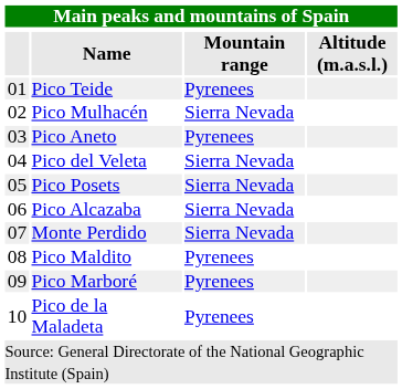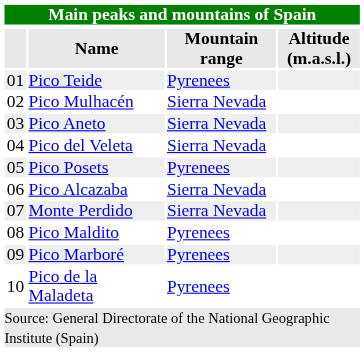 <table class="toc" cellpadding="0" cellspacing="2" width="330px" style="float:right; margin: 0.5em 0.5em 0.5em 1em; padding: 0.5e text- align:left;clear:all; margin- left:10px; font- size:90%">
 <tr>
 <td colspan="4" style="background:#black; color:white;" align="center" bgcolor="green"><strong>Main peaks and mountains of Spain</strong></td>
 </tr>
 <tr>
 <td colspan="4" align="center"></td>
 </tr>
 <tr style="background:#e8e8e8;">
 <th></th>
 <th width="125">Name</th>
 <th width="100">Mountain range</th>
 <th width="75">Altitude (m.a.s.l.)</th>
 </tr>
 <tr bgcolor="#efefef">
 <td align="center">01</td>
 <td><a href='#'>Pico Teide</a></td>
 <td><a href='#'>Pyrenees</a></td>
 <td align="center"></td>
 </tr>
 <tr>
 <td align="center">02</td>
 <td><a href='#'>Pico Mulhacén</a></td>
 <td><a href='#'>Sierra Nevada</a></td>
 <td align="center"></td>
 </tr>
 <tr bgcolor="#efefef">
 <td align="center">03</td>
 <td><a href='#'>Pico Aneto</a></td>
-<td><a href='#'>Pyrenees</a></td>
+<td><a href='#'>Sierra Nevada</a></td>
 <td align="center"></td>
 </tr>
 <tr>
 <td align="center">04</td>
 <td><a href='#'>Pico del Veleta</a></td>
 <td><a href='#'>Sierra Nevada</a></td>
 <td align="center"></td>
 </tr>
 <tr bgcolor="#efefef">
 <td align="center">05</td>
 <td><a href='#'>Pico Posets</a></td>
-<td><a href='#'>Sierra Nevada</a></td>
+<td><a href='#'>Pyrenees</a></td>
 <td align="center"></td>
 </tr>
 <tr>
 <td align="center">06</td>
 <td><a href='#'>Pico Alcazaba</a></td>
 <td><a href='#'>Sierra Nevada</a></td>
 <td align="center"></td>
 </tr>
 <tr bgcolor="#efefef">
 <td align="center">07</td>
 <td><a href='#'>Monte Perdido</a></td>
 <td><a href='#'>Sierra Nevada</a></td>
 <td align="center"></td>
 </tr>
 <tr>
 <td align="center">08</td>
 <td><a href='#'>Pico Maldito</a></td>
 <td><a href='#'>Pyrenees</a></td>
 <td align="center"></td>
 </tr>
 <tr bgcolor="#efefef">
 <td align="center">09</td>
 <td><a href='#'>Pico Marboré</a></td>
 <td><a href='#'>Pyrenees</a></td>
 <td align="center"></td>
 </tr>
 <tr>
 <td align="center">10</td>
 <td><a href='#'>Pico de la Maladeta</a></td>
 <td><a href='#'>Pyrenees</a></td>
 <td align="center"></td>
 </tr>
 <tr bgcolor="#efefef">
 <td colspan="4" style="background:#e9e9e9;" align="left"><small>Source: General Directorate of the National Geographic Institute (Spain)</small></td>
 </tr>
 </table>
